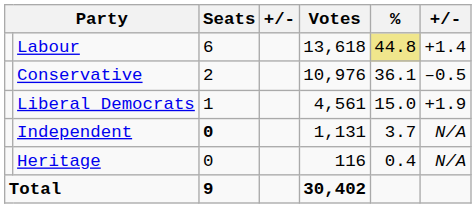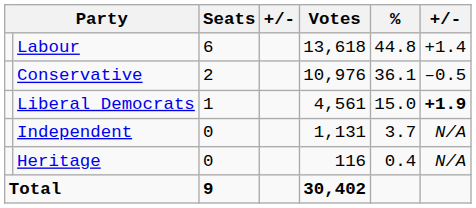 <table class="wikitable sortable">
 <tr>
 <th colspan="2">Party</th>
 <th>Seats</th>
 <th>+/-</th>
 <th>Votes</th>
 <th>%</th>
 <th>+/-</th>
 </tr>
 <tr>
 <td style="background-color: "></td>
 <td><a href='#'>Labour</a></td>
 <td>6</td>
 <td></td>
 <td style="text-align:right;">13,618</td>
-<td style="background: khaki; text-align:right;">44.8</td>
+<td style="text-align:right;">44.8</td>
 <td style="text-align:right;">+1.4</td>
 </tr>
 <tr>
 <td style="background-color: "></td>
 <td><a href='#'>Conservative</a></td>
 <td>2</td>
 <td></td>
 <td style="text-align:right;">10,976</td>
 <td style="text-align:right;">36.1</td>
 <td style="text-align:right;">–0.5</td>
 </tr>
 <tr>
 <td style="background-color: "></td>
 <td><a href='#'>Liberal Democrats</a></td>
 <td>1</td>
 <td></td>
 <td style="text-align:right;">4,561</td>
 <td style="text-align:right;">15.0</td>
-<td style="text-align:right;">+1.9</td>
+<td style="text-align:right;"><strong>+1.9</strong></td>
 </tr>
 <tr>
 <td style="background-color: "></td>
 <td><a href='#'>Independent</a></td>
-<td><strong>0</strong></td>
+<td>0</td>
 <td></td>
 <td style="text-align:right;">1,131</td>
 <td style="text-align:right;">3.7</td>
 <td style="text-align:right;"><em>N/A</em></td>
 </tr>
 <tr>
 <td style="background-color: "></td>
 <td><a href='#'>Heritage</a></td>
 <td>0</td>
 <td></td>
 <td style="text-align:right;">116</td>
 <td style="text-align:right;">0.4</td>
 <td style="text-align:right;"><em>N/A</em></td>
 </tr>
 <tr>
 <td colspan="2"><strong>Total</strong></td>
 <td><strong>9</strong></td>
 <td></td>
 <td style="text-align:right;"><strong>30,402</strong></td>
 <td style="text-align:right;"></td>
 <td style="text-align:right;"></td>
 </tr>
 </table>
